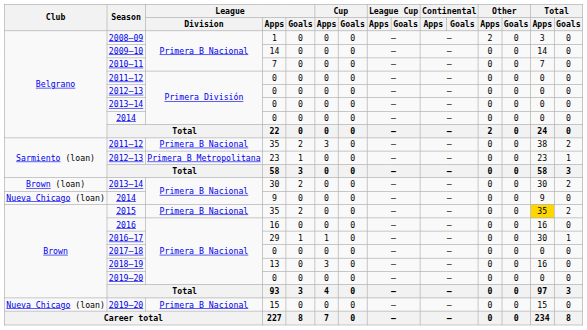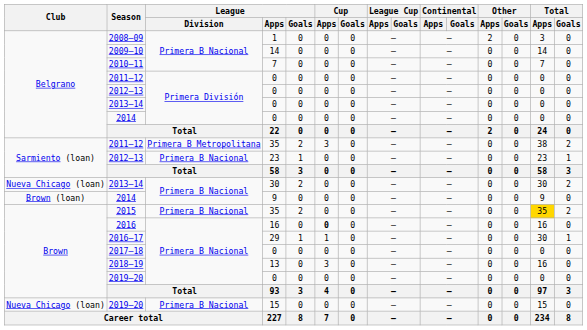 <table class="wikitable" style="text-align:center">
 <tr>
 <th rowspan="2">Club</th>
 <th rowspan="2">Season</th>
 <th colspan="3">League</th>
 <th colspan="2">Cup</th>
 <th colspan="2">League Cup</th>
 <th colspan="2">Continental</th>
 <th colspan="2">Other</th>
 <th colspan="2">Total</th>
 </tr>
 <tr>
 <th>Division</th>
 <th>Apps</th>
 <th>Goals</th>
 <th>Apps</th>
 <th>Goals</th>
 <th>Apps</th>
 <th>Goals</th>
 <th>Apps</th>
 <th>Goals</th>
 <th>Apps</th>
 <th>Goals</th>
 <th>Apps</th>
 <th>Goals</th>
 </tr>
 <tr>
 <td rowspan="8"><a href='#'>Belgrano</a></td>
 <td><a href='#'>2008–09</a></td>
 <td rowspan="3"><a href='#'>Primera B Nacional</a></td>
 <td>1</td>
 <td>0</td>
 <td>0</td>
 <td>0</td>
 <td colspan="2">—</td>
 <td colspan="2">—</td>
 <td>2</td>
 <td>0</td>
 <td>3</td>
 <td>0</td>
 </tr>
 <tr>
 <td><a href='#'>2009–10</a></td>
 <td>14</td>
 <td>0</td>
 <td>0</td>
 <td>0</td>
 <td colspan="2">—</td>
 <td colspan="2">—</td>
 <td>0</td>
 <td>0</td>
 <td>14</td>
 <td>0</td>
 </tr>
 <tr>
 <td><a href='#'>2010–11</a></td>
 <td>7</td>
 <td>0</td>
 <td>0</td>
 <td>0</td>
 <td colspan="2">—</td>
 <td colspan="2">—</td>
 <td>0</td>
 <td>0</td>
 <td>7</td>
 <td>0</td>
 </tr>
 <tr>
 <td><a href='#'>2011–12</a></td>
 <td rowspan="4"><a href='#'>Primera División</a></td>
 <td>0</td>
 <td>0</td>
 <td>0</td>
 <td>0</td>
 <td colspan="2">—</td>
 <td colspan="2">—</td>
 <td>0</td>
 <td>0</td>
 <td>0</td>
 <td>0</td>
 </tr>
 <tr>
 <td><a href='#'>2012–13</a></td>
 <td>0</td>
 <td>0</td>
 <td>0</td>
 <td>0</td>
 <td colspan="2">—</td>
 <td colspan="2">—</td>
 <td>0</td>
 <td>0</td>
 <td>0</td>
 <td>0</td>
 </tr>
 <tr>
 <td><a href='#'>2013–14</a></td>
 <td>0</td>
 <td>0</td>
 <td>0</td>
 <td>0</td>
 <td colspan="2">—</td>
 <td colspan="2">—</td>
 <td>0</td>
 <td>0</td>
 <td>0</td>
 <td>0</td>
 </tr>
 <tr>
 <td><a href='#'>2014</a></td>
 <td>0</td>
 <td>0</td>
 <td>0</td>
 <td>0</td>
 <td colspan="2">—</td>
 <td colspan="2">—</td>
 <td>0</td>
 <td>0</td>
 <td>0</td>
 <td>0</td>
 </tr>
 <tr>
 <th colspan="2">Total</th>
 <th>22</th>
 <th>0</th>
 <th>0</th>
 <th>0</th>
 <th colspan="2">—</th>
 <th colspan="2">—</th>
 <th>2</th>
 <th>0</th>
 <th>24</th>
 <th>0</th>
 </tr>
 <tr>
 <td rowspan="3"><a href='#'>Sarmiento</a> (loan)</td>
 <td><a href='#'>2011–12</a></td>
-<td rowspan="1"><a href='#'>Primera B Nacional</a></td>
+<td rowspan="1"><a href='#'>Primera B Metropolitana</a></td>
 <td>35</td>
 <td>2</td>
 <td>3</td>
 <td>0</td>
 <td colspan="2">—</td>
 <td colspan="2">—</td>
 <td>0</td>
 <td>0</td>
 <td>38</td>
 <td>2</td>
 </tr>
 <tr>
 <td><a href='#'>2012–13</a></td>
-<td rowspan="1"><a href='#'>Primera B Metropolitana</a></td>
+<td rowspan="1"><a href='#'>Primera B Nacional</a></td>
 <td>23</td>
 <td>1</td>
 <td>0</td>
 <td>0</td>
 <td colspan="2">—</td>
 <td colspan="2">—</td>
 <td>0</td>
 <td>0</td>
 <td>23</td>
 <td>1</td>
 </tr>
 <tr>
 <th colspan="2">Total</th>
 <th>58</th>
 <th>3</th>
 <th>0</th>
 <th>0</th>
 <th colspan="2">—</th>
 <th colspan="2">—</th>
 <th>0</th>
 <th>0</th>
 <th>58</th>
 <th>3</th>
 </tr>
 <tr>
-<td rowspan="1"><a href='#'>Brown</a> (loan)</td>
+<td rowspan="1"><a href='#'>Nueva Chicago</a> (loan)</td>
 <td><a href='#'>2013–14</a></td>
 <td rowspan="2"><a href='#'>Primera B Nacional</a></td>
 <td>30</td>
 <td>2</td>
 <td>0</td>
 <td>0</td>
 <td colspan="2">—</td>
 <td colspan="2">—</td>
 <td>0</td>
 <td>0</td>
 <td>30</td>
 <td>2</td>
 </tr>
 <tr>
-<td rowspan="1"><a href='#'>Nueva Chicago</a> (loan)</td>
+<td rowspan="1"><a href='#'>Brown</a> (loan)</td>
 <td><a href='#'>2014</a></td>
 <td>9</td>
 <td>0</td>
 <td>0</td>
 <td>0</td>
 <td colspan="2">—</td>
 <td colspan="2">—</td>
 <td>0</td>
 <td>0</td>
 <td>9</td>
 <td>0</td>
 </tr>
 <tr>
 <td rowspan="7"><a href='#'>Brown</a></td>
 <td><a href='#'>2015</a></td>
 <td rowspan="1"><a href='#'>Primera B Nacional</a></td>
 <td>35</td>
 <td>2</td>
 <td>0</td>
 <td>0</td>
 <td colspan="2">—</td>
 <td colspan="2">—</td>
 <td>0</td>
 <td>0</td>
 <td style="background: gold;">35</td>
 <td>2</td>
 </tr>
 <tr>
 <td><a href='#'>2016</a></td>
 <td rowspan="5"><a href='#'>Primera B Nacional</a></td>
 <td>16</td>
 <td>0</td>
-<td>0</td>
+<td><strong>0</strong></td>
 <td>0</td>
 <td colspan="2">—</td>
 <td colspan="2">—</td>
 <td>0</td>
 <td>0</td>
 <td>16</td>
 <td>0</td>
 </tr>
 <tr>
 <td><a href='#'>2016–17</a></td>
 <td>29</td>
 <td>1</td>
 <td>1</td>
 <td>0</td>
 <td colspan="2">—</td>
 <td colspan="2">—</td>
 <td>0</td>
 <td>0</td>
 <td>30</td>
 <td>1</td>
 </tr>
 <tr>
 <td><a href='#'>2017–18</a></td>
 <td>0</td>
 <td>0</td>
 <td>0</td>
 <td>0</td>
 <td colspan="2">—</td>
 <td colspan="2">—</td>
 <td>0</td>
 <td>0</td>
 <td>0</td>
 <td>0</td>
 </tr>
 <tr>
 <td><a href='#'>2018–19</a></td>
 <td>13</td>
 <td>0</td>
 <td>3</td>
 <td>0</td>
 <td colspan="2">—</td>
 <td colspan="2">—</td>
 <td>0</td>
 <td>0</td>
 <td>16</td>
 <td>0</td>
 </tr>
 <tr>
 <td><a href='#'>2019–20</a></td>
 <td>0</td>
 <td>0</td>
 <td>0</td>
 <td>0</td>
 <td colspan="2">—</td>
 <td colspan="2">—</td>
 <td>0</td>
 <td>0</td>
 <td>0</td>
 <td>0</td>
 </tr>
 <tr>
 <th colspan="2">Total</th>
 <th>93</th>
 <th>3</th>
 <th>4</th>
 <th>0</th>
 <th colspan="2">—</th>
 <th colspan="2">—</th>
 <th>0</th>
 <th>0</th>
 <th>97</th>
 <th>3</th>
 </tr>
 <tr>
 <td rowspan="1"><a href='#'>Nueva Chicago</a> (loan)</td>
 <td><a href='#'>2019–20</a></td>
 <td rowspan="1"><a href='#'>Primera B Nacional</a></td>
 <td>15</td>
 <td>0</td>
 <td>0</td>
 <td>0</td>
 <td colspan="2">—</td>
 <td colspan="2">—</td>
 <td>0</td>
 <td>0</td>
 <td>15</td>
 <td>0</td>
 </tr>
 <tr>
 <th colspan="3">Career total</th>
 <th>227</th>
 <th>8</th>
 <th>7</th>
 <th>0</th>
 <th colspan="2">—</th>
 <th colspan="2">—</th>
 <th>0</th>
 <th>0</th>
 <th>234</th>
 <th>8</th>
 </tr>
 </table>
